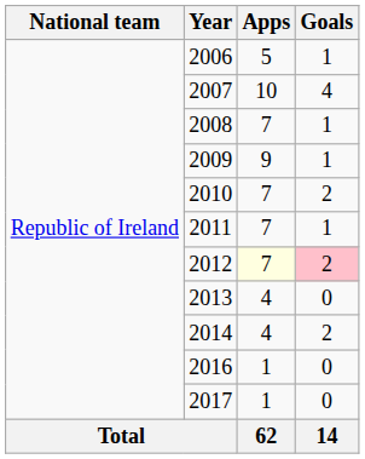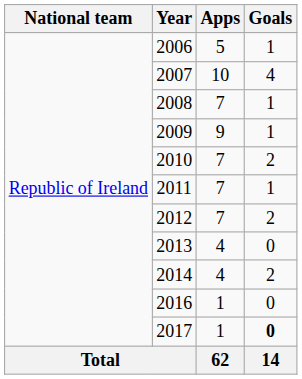 <table class="wikitable" style="text-align:center">
 <tr>
 <th>National team</th>
 <th>Year</th>
 <th>Apps</th>
 <th>Goals</th>
 </tr>
 <tr>
 <td rowspan="11"><a href='#'>Republic of Ireland</a></td>
 <td>2006</td>
 <td>5</td>
 <td>1</td>
 </tr>
 <tr>
 <td>2007</td>
 <td>10</td>
 <td>4</td>
 </tr>
 <tr>
 <td>2008</td>
 <td>7</td>
 <td>1</td>
 </tr>
 <tr>
 <td>2009</td>
 <td>9</td>
 <td>1</td>
 </tr>
 <tr>
 <td>2010</td>
 <td>7</td>
 <td>2</td>
 </tr>
 <tr>
 <td>2011</td>
 <td>7</td>
 <td>1</td>
 </tr>
 <tr>
 <td>2012</td>
-<td style="background: lightyellow;">7</td>
-<td style="background: pink;">2</td>
+<td>7</td>
+<td>2</td>
 </tr>
 <tr>
 <td>2013</td>
 <td>4</td>
 <td>0</td>
 </tr>
 <tr>
 <td>2014</td>
 <td>4</td>
 <td>2</td>
 </tr>
 <tr>
 <td>2016</td>
 <td>1</td>
 <td>0</td>
 </tr>
 <tr>
 <td>2017</td>
 <td>1</td>
-<td>0</td>
+<td><strong>0</strong></td>
 </tr>
 <tr>
 <th colspan="2">Total</th>
 <th>62</th>
 <th>14</th>
 </tr>
 </table>
